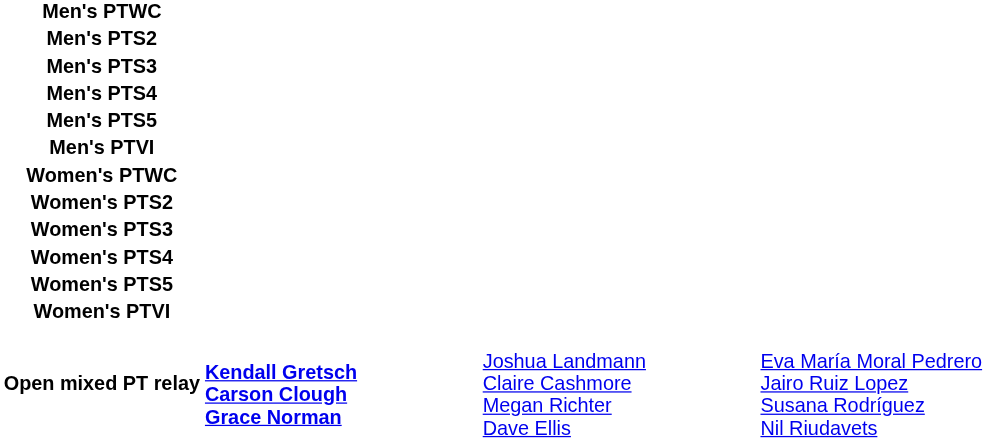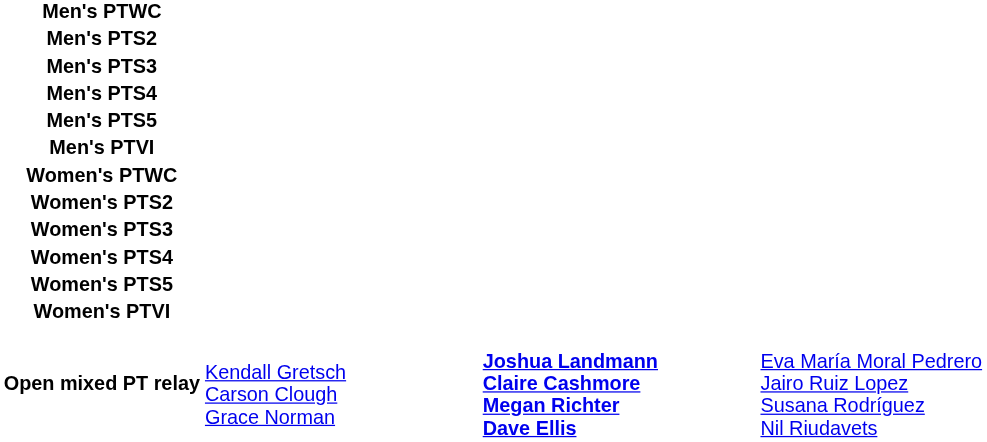 <table>
 <tr>
 <th>Men's PTWC</th>
 <td align=left width=220></td>
 <td align=left width=220></td>
 <td align=left width=220></td>
 </tr>
 <tr>
 <th>Men's PTS2</th>
 <td align=left width=220></td>
 <td align=left width=220></td>
 <td align=left width=220></td>
 </tr>
 <tr>
 <th>Men's PTS3</th>
 <td align=left width=220></td>
 <td align=left width=220></td>
 <td align=left width=220></td>
 </tr>
 <tr>
 <th>Men's PTS4</th>
 <td align=left width=220></td>
 <td align=left width=220></td>
 <td align=left width=220></td>
 </tr>
 <tr>
 <th>Men's PTS5</th>
 <td align=left width=220></td>
 <td align=left width=220></td>
 <td align=left width=220></td>
 </tr>
 <tr>
 <th>Men's PTVI</th>
 <td align=left width=220></td>
 <td align=left width=220></td>
 <td align=left width=220></td>
 </tr>
 <tr>
 <th>Women's PTWC</th>
 <td align=left width=220></td>
 <td align=left width=220></td>
 <td align=left width=220></td>
 </tr>
 <tr>
 <th>Women's PTS2</th>
 <td align=left width=220></td>
 <td align=left width=220></td>
 <td align=left width=220></td>
 </tr>
 <tr>
 <th>Women's PTS3</th>
 <td align=left width=220></td>
 <td align=left width=220></td>
 <td align=left width=220></td>
 </tr>
 <tr>
 <th>Women's PTS4</th>
 <td align=left width=220></td>
 <td align=left width=220></td>
 <td align=left width=220></td>
 </tr>
 <tr>
 <th>Women's PTS5</th>
 <td align=left width=220></td>
 <td align=left width=220></td>
 <td align=left width=220></td>
 </tr>
 <tr>
 <th>Women's PTVI</th>
 <td align=left width=220></td>
 <td align=left width=220></td>
 <td align=left width=220></td>
 </tr>
 <tr>
 <th>Open mixed PT relay</th>
-<td align=left width=220><strong><br><a href='#'>Kendall Gretsch</a><br><a href='#'>Carson Clough</a><br><a href='#'>Grace Norman</a></strong></td>
-<td align=left width=220><br><a href='#'>Joshua Landmann</a><br><a href='#'>Claire Cashmore</a><br><a href='#'>Megan Richter</a><br><a href='#'>Dave Ellis</a></td>
+<td align=left width=220><br><a href='#'>Kendall Gretsch</a><br><a href='#'>Carson Clough</a><br><a href='#'>Grace Norman</a></td>
+<td align=left width=220><strong><br><a href='#'>Joshua Landmann</a><br><a href='#'>Claire Cashmore</a><br><a href='#'>Megan Richter</a><br><a href='#'>Dave Ellis</a></strong></td>
 <td align=left width=220><br><a href='#'>Eva María Moral Pedrero</a><br><a href='#'>Jairo Ruiz Lopez</a><br><a href='#'>Susana Rodríguez</a><br><a href='#'>Nil Riudavets</a></td>
 </tr>
 </table>
